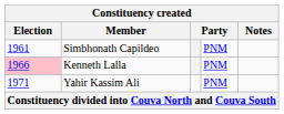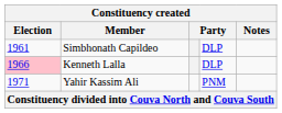 <table class="wikitable sortable" style="valign:top">
 <tr>
 <th colspan="5">Constituency created</th>
 </tr>
 <tr>
 <th>Election</th>
 <th>Member</th>
 <th colspan="2">Party</th>
 <th>Notes</th>
 </tr>
 <tr>
 <td><a href='#'>1961</a></td>
 <td>Simbhonath Capildeo</td>
 <th style="background-color: "></th>
-<td><a href='#'>PNM</a></td>
+<td><a href='#'>DLP</a></td>
 <td></td>
 </tr>
 <tr>
 <td style="background: pink;"><a href='#'>1966</a></td>
 <td>Kenneth Lalla</td>
 <th style="background-color: "></th>
-<td><a href='#'>PNM</a></td>
+<td><a href='#'>DLP</a></td>
 <td></td>
 </tr>
 <tr>
 <td><a href='#'>1971</a></td>
 <td>Yahir Kassim Ali</td>
 <td style="background:"> </td>
 <td><a href='#'>PNM</a></td>
 <td></td>
 </tr>
 <tr>
 <th colspan="5">Constituency divided into <a href='#'>Couva North</a> and <a href='#'>Couva South</a></th>
 </tr>
 </table>
